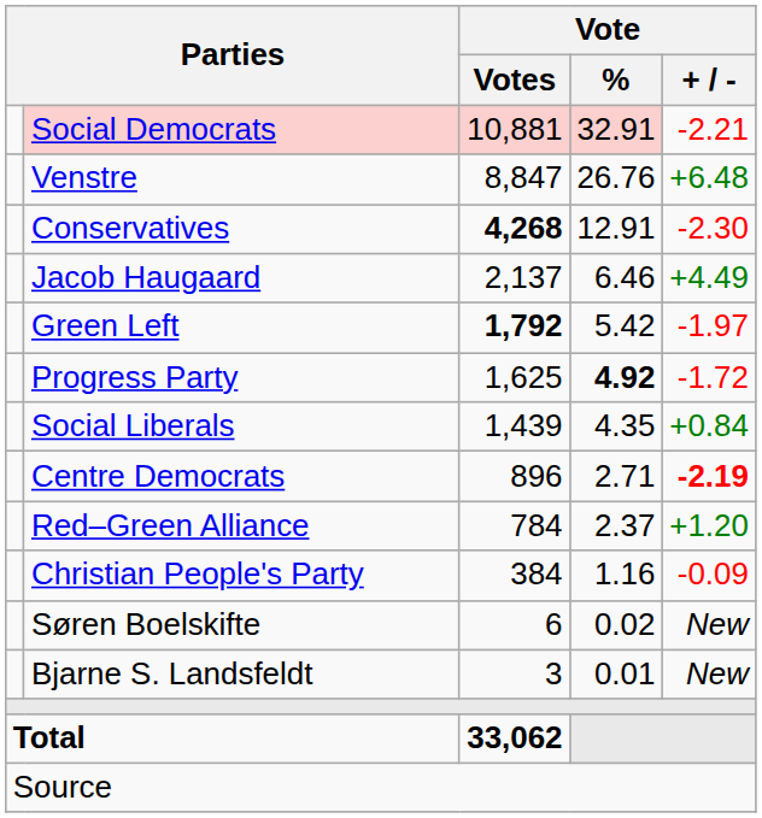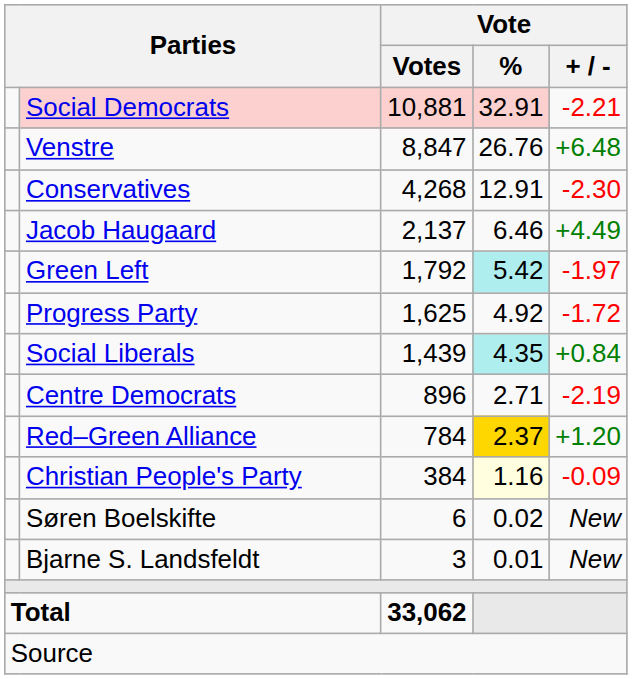 <table class="wikitable" style="text-align:right;">
 <tr>
 <th style="text-align:centre;" rowspan="2" colspan="2" width="225">Parties</th>
 <th colspan="3">Vote</th>
 </tr>
 <tr>
 <th width="15">Votes</th>
 <th width="15">%</th>
 <th width="15">+ / -</th>
 </tr>
 <tr>
 <td width="2" style="color:inherit;background:"></td>
 <td bgcolor=#fbd0ce  align="left"><a href='#'>Social Democrats</a></td>
 <td bgcolor=#fbd0ce>10,881</td>
 <td bgcolor=#fbd0ce>32.91</td>
 <td style=color:red;>-2.21</td>
 </tr>
 <tr>
 <td width="2" style="color:inherit;background:"></td>
 <td align="left"><a href='#'>Venstre</a></td>
 <td>8,847</td>
 <td>26.76</td>
 <td style=color:green;>+6.48</td>
 </tr>
 <tr>
 <td width="2" style="color:inherit;background:"></td>
 <td align="left"><a href='#'>Conservatives</a></td>
-<td><strong>4,268</strong></td>
+<td>4,268</td>
 <td>12.91</td>
 <td style=color:red;>-2.30</td>
 </tr>
 <tr>
 <td width="2" style="color:inherit;background:"></td>
 <td align="left"><a href='#'>Jacob Haugaard</a></td>
 <td>2,137</td>
 <td>6.46</td>
 <td style=color:green;>+4.49</td>
 </tr>
 <tr>
 <td width="2" style="color:inherit;background:"></td>
 <td align="left"><a href='#'>Green Left</a></td>
-<td><strong>1,792</strong></td>
-<td>5.42</td>
+<td>1,792</td>
+<td style="background: paleturquoise;">5.42</td>
 <td style=color:red;>-1.97</td>
 </tr>
 <tr>
 <td width="2" style="color:inherit;background:"></td>
 <td align="left"><a href='#'>Progress Party</a></td>
 <td>1,625</td>
-<td><strong>4.92</strong></td>
+<td>4.92</td>
 <td style=color:red;>-1.72</td>
 </tr>
 <tr>
 <td width="2" style="color:inherit;background:"></td>
 <td align="left"><a href='#'>Social Liberals</a></td>
 <td>1,439</td>
-<td>4.35</td>
+<td style="background: paleturquoise;">4.35</td>
 <td style=color:green;>+0.84</td>
 </tr>
 <tr>
 <td width="2" style="color:inherit;background:"></td>
 <td align="left"><a href='#'>Centre Democrats</a></td>
 <td>896</td>
 <td>2.71</td>
-<td style=color:red;><strong>-2.19</strong></td>
+<td style=color:red;>-2.19</td>
 </tr>
 <tr>
 <td width="2" style="color:inherit;background:"></td>
 <td align="left"><a href='#'>Red–Green Alliance</a></td>
 <td>784</td>
-<td>2.37</td>
+<td style="background: gold;">2.37</td>
 <td style=color:green;>+1.20</td>
 </tr>
 <tr>
 <td width="2" style="color:inherit;background:"></td>
 <td align="left"><a href='#'>Christian People's Party</a></td>
 <td>384</td>
-<td>1.16</td>
+<td style="background: lightyellow;">1.16</td>
 <td style=color:red;>-0.09</td>
 </tr>
 <tr>
 <td width="2" style="color:inherit;background:"></td>
 <td align="left">Søren Boelskifte</td>
 <td>6</td>
 <td>0.02</td>
 <td><em>New</em></td>
 </tr>
 <tr>
 <td width="2" style="color:inherit;background:"></td>
 <td align="left">Bjarne S. Landsfeldt</td>
 <td>3</td>
 <td>0.01</td>
 <td><em>New</em></td>
 </tr>
 <tr>
 <td colspan="7" bgcolor="#E9E9E9"></td>
 </tr>
 <tr>
 <td align="left" colspan="2"><strong>Total</strong></td>
 <td><strong>33,062</strong></td>
 <td bgcolor="#E9E9E9" colspan="2"></td>
 </tr>
 <tr>
 <td align="left" colspan="6">Source</td>
 </tr>
 </table>
